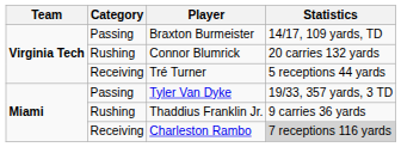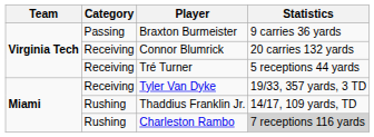 <table class="wikitable" style="float: right;">
 <tr>
 <th>Team</th>
 <th>Category</th>
 <th>Player</th>
 <th>Statistics</th>
 </tr>
 <tr>
 <td rowspan=3><strong>Virginia Tech</strong></td>
 <td>Passing</td>
 <td>Braxton Burmeister</td>
-<td>14/17, 109 yards, TD</td>
+<td>9 carries 36 yards</td>
 </tr>
 <tr>
-<td>Rushing</td>
+<td>Receiving</td>
 <td>Connor Blumrick</td>
 <td>20 carries 132 yards</td>
 </tr>
 <tr>
 <td>Receiving</td>
 <td>Tré Turner</td>
 <td>5 receptions 44 yards</td>
 </tr>
 <tr>
 <td rowspan=3><strong>Miami</strong></td>
-<td>Passing</td>
+<td>Receiving</td>
 <td><a href='#'>Tyler Van Dyke</a></td>
 <td>19/33, 357 yards, 3 TD</td>
 </tr>
 <tr>
 <td>Rushing</td>
 <td>Thaddius Franklin Jr.</td>
-<td>9 carries 36 yards</td>
+<td>14/17, 109 yards, TD</td>
 </tr>
 <tr>
-<td>Receiving</td>
+<td>Rushing</td>
 <td><a href='#'>Charleston Rambo</a></td>
 <td style="background: lightgrey;">7 receptions 116 yards</td>
 </tr>
 </table>
